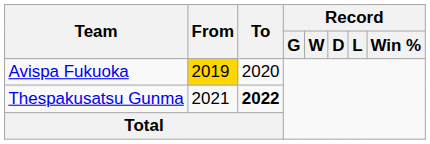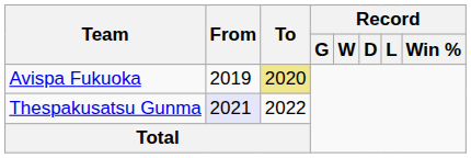 <table class="wikitable" style="text-align: center">
 <tr>
 <th rowspan="2">Team</th>
 <th rowspan="2">From</th>
 <th rowspan="2">To</th>
 <th colspan="5">Record</th>
 </tr>
 <tr>
 <th>G</th>
 <th>W</th>
 <th>D</th>
 <th>L</th>
 <th>Win %</th>
 </tr>
 <tr>
 <td align="left"><a href='#'>Avispa Fukuoka</a></td>
-<td align="left" style="background: gold;">2019</td>
-<td align="left">2020<br></td>
+<td align="left">2019</td>
+<td align="left" style="background: khaki;">2020<br></td>
 </tr>
 <tr>
 <td align="left"><a href='#'>Thespakusatsu Gunma</a></td>
-<td align="left">2021</td>
-<td align="left"><strong>2022<br></strong></td>
+<td align="left" style="background: lavender;">2021</td>
+<td align="left">2022<br></td>
 </tr>
 <tr>
 <th colspan="3">Total<br></th>
 </tr>
 </table>
